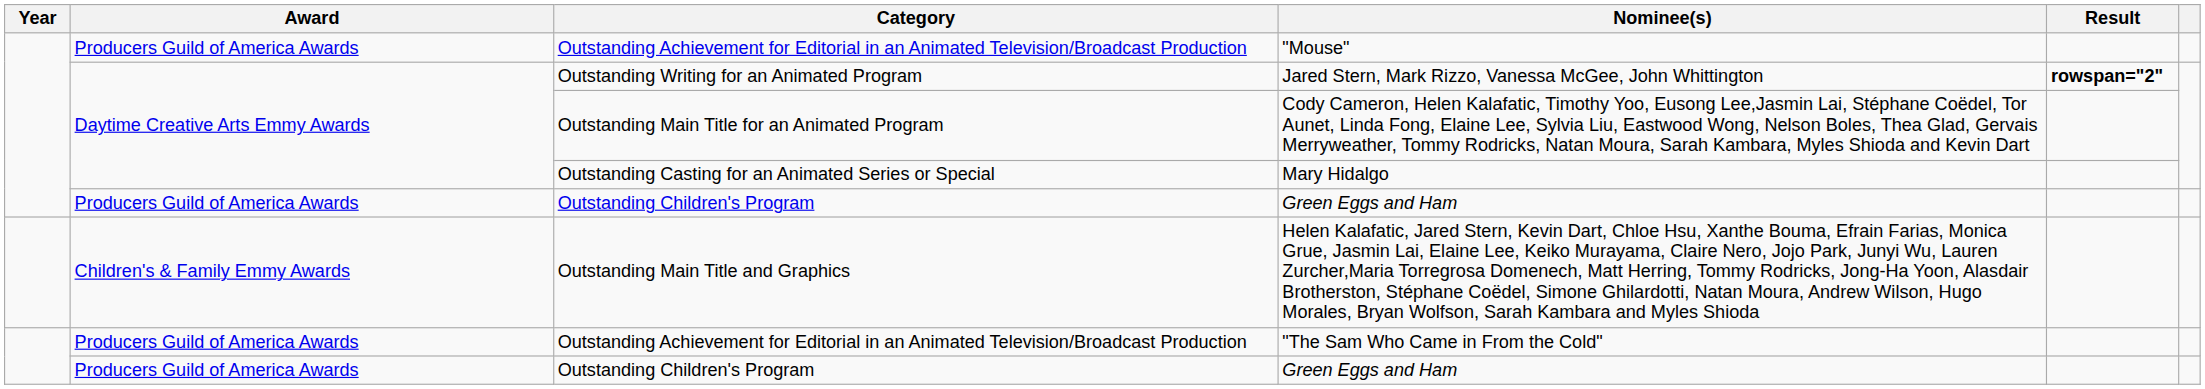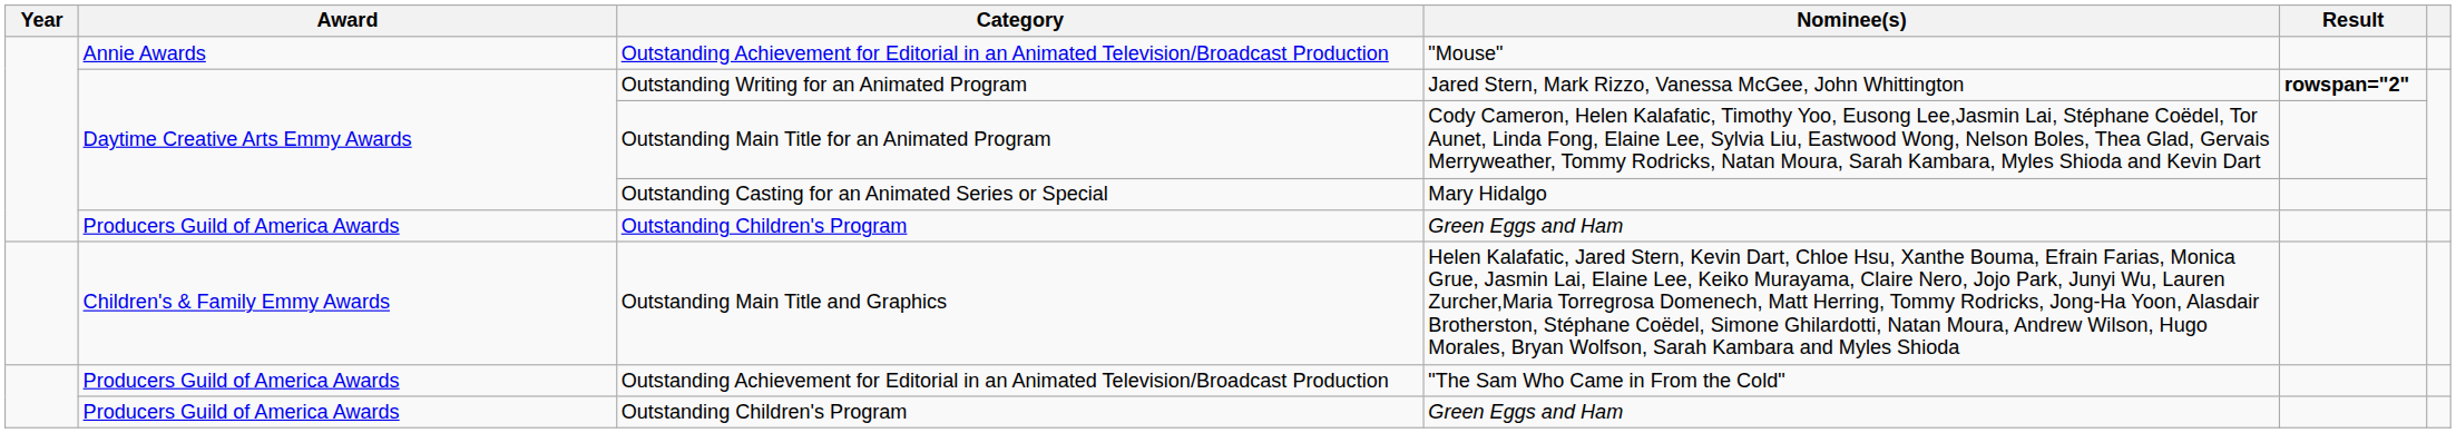 <table class="wikitable sortable" style="width:98%">
 <tr>
 <th scope="col" style="width:3%;">Year</th>
 <th scope="col" style="width:22%;">Award</th>
 <th scope="col" style="width:33%;">Category</th>
 <th scope="col" style="width:35%;">Nominee(s)</th>
 <th scope="col" style="width:6%;">Result</th>
 <th scope="col" class="unsortable" style="width:1%;"></th>
 </tr>
 <tr>
 <td rowspan="5"></td>
-<td><a href='#'>Producers Guild of America Awards</a></td>
+<td><a href='#'>Annie Awards</a></td>
 <td><a href='#'>Outstanding Achievement for Editorial in an Animated Television/Broadcast Production</a></td>
 <td>"Mouse"</td>
 <td></td>
 <td align="center"></td>
 </tr>
 <tr>
 <td rowspan="3"><a href='#'>Daytime Creative Arts Emmy Awards</a></td>
 <td>Outstanding Writing for an Animated Program</td>
 <td>Jared Stern, Mark Rizzo, Vanessa McGee, John Whittington</td>
 <td><strong>rowspan="2" </strong></td>
 <td align="center" rowspan="3"></td>
 </tr>
 <tr>
 <td>Outstanding Main Title for an Animated Program</td>
 <td>Cody Cameron, Helen Kalafatic, Timothy Yoo, Eusong Lee,Jasmin Lai, Stéphane Coëdel, Tor Aunet, Linda Fong, Elaine Lee, Sylvia Liu, Eastwood Wong, Nelson Boles, Thea Glad, Gervais Merryweather, Tommy Rodricks, Natan Moura, Sarah Kambara, Myles Shioda and Kevin Dart</td>
 </tr>
 <tr>
 <td>Outstanding Casting for an Animated Series or Special</td>
 <td>Mary Hidalgo</td>
 <td></td>
 </tr>
 <tr>
 <td><a href='#'>Producers Guild of America Awards</a></td>
 <td><a href='#'>Outstanding Children's Program</a></td>
 <td><em>Green Eggs and Ham</em></td>
 <td></td>
 <td align="center"></td>
 </tr>
 <tr>
 <td></td>
 <td><a href='#'>Children's & Family Emmy Awards</a></td>
 <td>Outstanding Main Title and Graphics</td>
 <td>Helen Kalafatic, Jared Stern, Kevin Dart, Chloe Hsu, Xanthe Bouma, Efrain Farias, Monica Grue, Jasmin Lai, Elaine Lee, Keiko Murayama, Claire Nero, Jojo Park, Junyi Wu, Lauren Zurcher,Maria Torregrosa Domenech, Matt Herring, Tommy Rodricks, Jong-Ha Yoon, Alasdair Brotherston, Stéphane Coëdel, Simone Ghilardotti, Natan Moura, Andrew Wilson, Hugo Morales, Bryan Wolfson, Sarah Kambara and Myles Shioda</td>
 <td></td>
 <td align="center"></td>
 </tr>
 <tr>
 <td rowspan="2"></td>
 <td><a href='#'>Producers Guild of America Awards</a></td>
 <td>Outstanding Achievement for Editorial in an Animated Television/Broadcast Production</td>
 <td>"The Sam Who Came in From the Cold"</td>
 <td></td>
 <td align="center"></td>
 </tr>
 <tr>
 <td><a href='#'>Producers Guild of America Awards</a></td>
 <td>Outstanding Children's Program</td>
 <td><em>Green Eggs and Ham</em></td>
 <td></td>
 <td align="center"></td>
 </tr>
 </table>
